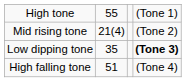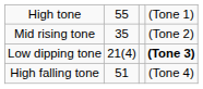 <table class="wikitable" style="text-align:center; margin:1em auto 1em auto">
 <tr>
 <td>High tone</td>
 <td>55</td>
 <td></td>
 <td>(Tone 1)</td>
 </tr>
 <tr>
 <td>Mid rising tone</td>
-<td>21(4)</td>
+<td>35</td>
 <td></td>
 <td>(Tone 2)</td>
 </tr>
 <tr>
 <td>Low dipping tone</td>
-<td>35</td>
+<td>21(4)</td>
 <td></td>
 <td><strong>(Tone 3)</strong></td>
 </tr>
 <tr>
 <td>High falling tone</td>
 <td>51</td>
 <td></td>
 <td>(Tone 4)</td>
 </tr>
 </table>
